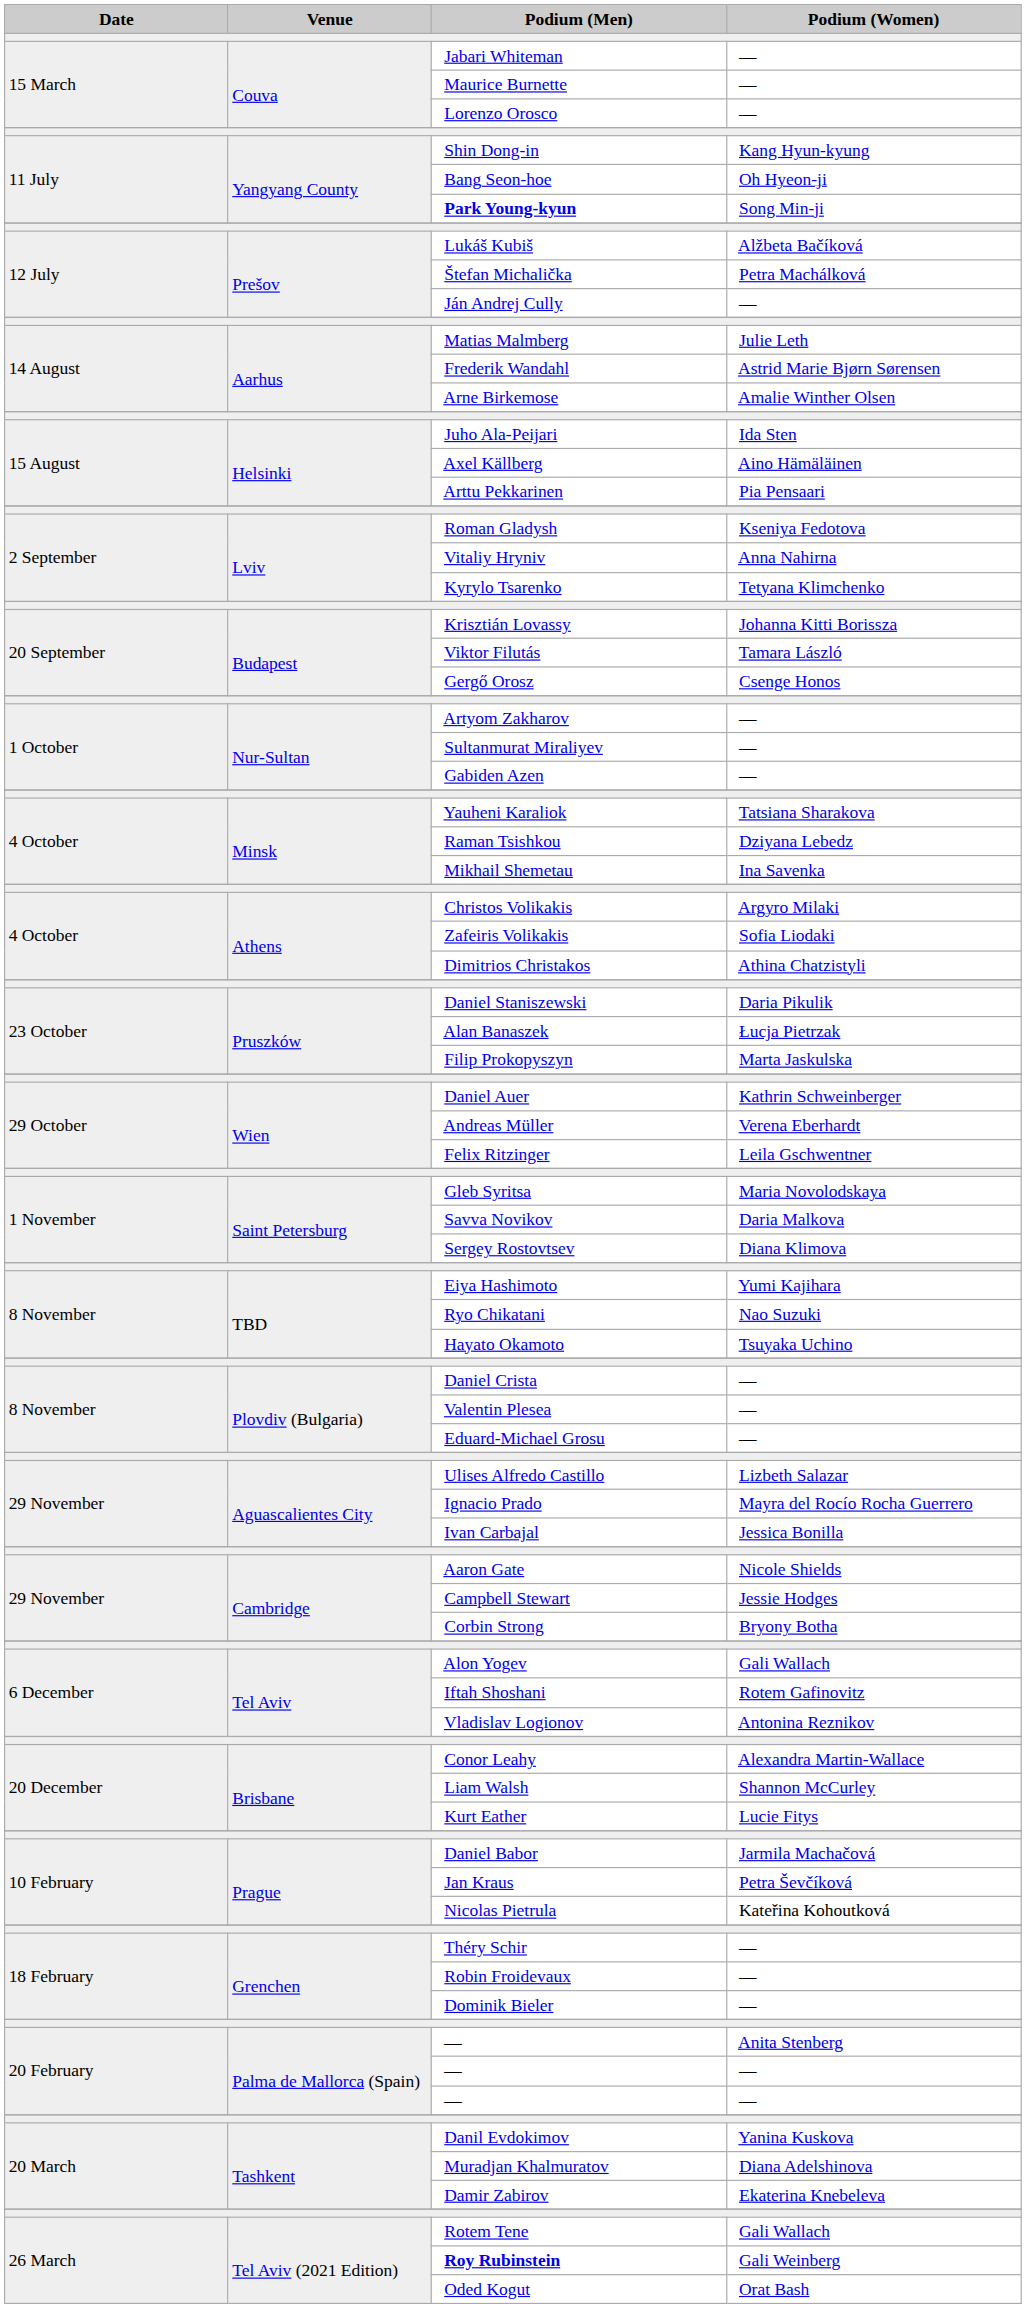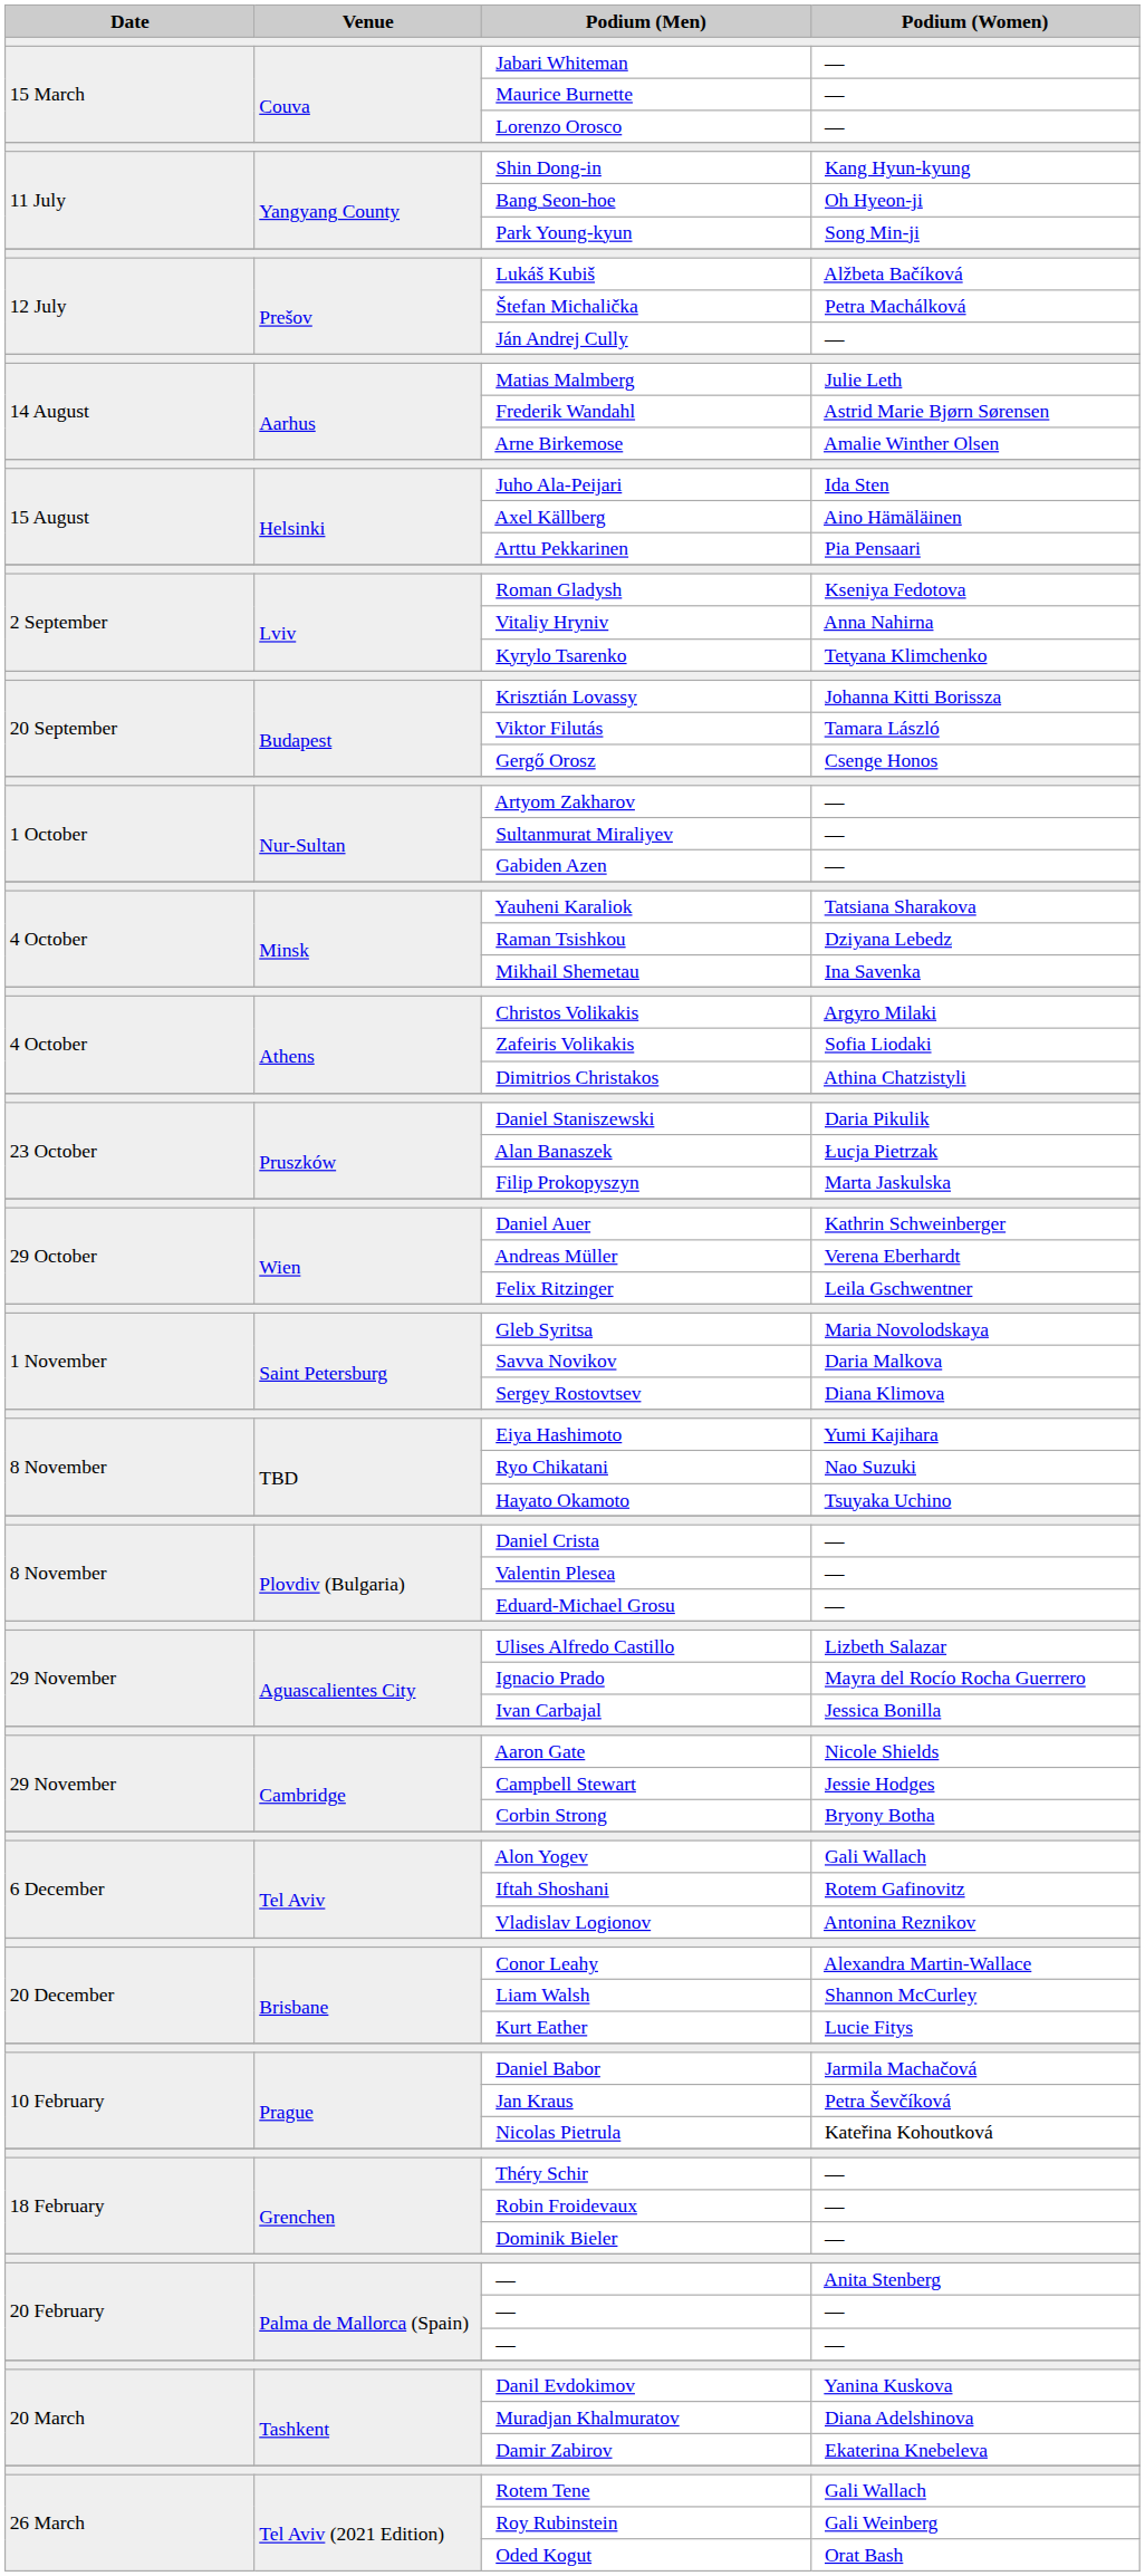 <table class="wikitable" width=70% bgcolor="#f7f8ff" cellpadding="3" cellspacing="0" border="1" style="font-size: 95%; border: gray solid 1px; border-collapse: collapse;">
 <tr bgcolor="#CCCCCC">
 <td align="center"><strong>Date</strong></td>
 <td width=20% align="center"><strong>Venue</strong></td>
 <td width=29% align="center"><strong>Podium (Men)</strong></td>
 <td width=29% align="center"><strong>Podium (Women)</strong></td>
 </tr>
 <tr bgcolor="#EFEFEF">
 <td colspan=4></td>
 </tr>
 <tr bgcolor="#EFEFEF">
 <td rowspan=3>15 March</td>
 <td rowspan=3><br><a href='#'>Couva</a></td>
 <td bgcolor="#ffffff">   <a href='#'>Jabari Whiteman</a></td>
 <td bgcolor="#ffffff">   —</td>
 </tr>
 <tr>
 <td bgcolor="#ffffff">   <a href='#'>Maurice Burnette</a></td>
 <td bgcolor="#ffffff">   —</td>
 </tr>
 <tr>
 <td bgcolor="#ffffff">   <a href='#'>Lorenzo Orosco</a></td>
 <td bgcolor="#ffffff">   —</td>
 </tr>
 <tr>
 </tr>
 <tr bgcolor="#EFEFEF">
 <td colspan=4></td>
 </tr>
 <tr bgcolor="#EFEFEF">
 <td rowspan=3>11 July</td>
 <td rowspan=3><br><a href='#'>Yangyang County</a></td>
 <td bgcolor="#ffffff">   <a href='#'>Shin Dong-in</a></td>
 <td bgcolor="#ffffff">   <a href='#'>Kang Hyun-kyung</a></td>
 </tr>
 <tr>
 <td bgcolor="#ffffff">   <a href='#'>Bang Seon-hoe</a></td>
 <td bgcolor="#ffffff">   <a href='#'>Oh Hyeon-ji</a></td>
 </tr>
 <tr>
-<td bgcolor="#ffffff"><strong>   <a href='#'>Park Young-kyun</a></strong></td>
+<td bgcolor="#ffffff">   <a href='#'>Park Young-kyun</a></td>
 <td bgcolor="#ffffff">   <a href='#'>Song Min-ji</a></td>
 </tr>
 <tr>
 </tr>
 <tr bgcolor="#EFEFEF">
 <td colspan=4></td>
 </tr>
 <tr bgcolor="#EFEFEF">
 <td rowspan=3>12 July</td>
 <td rowspan=3><br><a href='#'>Prešov</a></td>
 <td bgcolor="#ffffff">   <a href='#'>Lukáš Kubiš</a></td>
 <td bgcolor="#ffffff">   <a href='#'>Alžbeta Bačíková</a></td>
 </tr>
 <tr>
 <td bgcolor="#ffffff">   <a href='#'>Štefan Michalička</a></td>
 <td bgcolor="#ffffff">   <a href='#'>Petra Machálková</a></td>
 </tr>
 <tr>
 <td bgcolor="#ffffff">   <a href='#'>Ján Andrej Cully</a></td>
 <td bgcolor="#ffffff">   —</td>
 </tr>
 <tr>
 </tr>
 <tr bgcolor="#EFEFEF">
 <td colspan=4></td>
 </tr>
 <tr bgcolor="#EFEFEF">
 <td rowspan=3>14 August</td>
 <td rowspan=3><br><a href='#'>Aarhus</a></td>
 <td bgcolor="#ffffff">   <a href='#'>Matias Malmberg</a></td>
 <td bgcolor="#ffffff">   <a href='#'>Julie Leth</a></td>
 </tr>
 <tr>
 <td bgcolor="#ffffff">   <a href='#'>Frederik Wandahl</a></td>
 <td bgcolor="#ffffff">   <a href='#'>Astrid Marie Bjørn Sørensen</a></td>
 </tr>
 <tr>
 <td bgcolor="#ffffff">   <a href='#'>Arne Birkemose</a></td>
 <td bgcolor="#ffffff">   <a href='#'>Amalie Winther Olsen</a></td>
 </tr>
 <tr>
 </tr>
 <tr bgcolor="#EFEFEF">
 <td colspan=4></td>
 </tr>
 <tr bgcolor="#EFEFEF">
 <td rowspan=3>15 August</td>
 <td rowspan=3><br><a href='#'>Helsinki</a></td>
 <td bgcolor="#ffffff">   <a href='#'>Juho Ala-Peijari</a></td>
 <td bgcolor="#ffffff">   <a href='#'>Ida Sten</a></td>
 </tr>
 <tr>
 <td bgcolor="#ffffff">   <a href='#'>Axel Källberg</a></td>
 <td bgcolor="#ffffff">   <a href='#'>Aino Hämäläinen</a></td>
 </tr>
 <tr>
 <td bgcolor="#ffffff">   <a href='#'>Arttu Pekkarinen</a></td>
 <td bgcolor="#ffffff">   <a href='#'>Pia Pensaari</a></td>
 </tr>
 <tr>
 </tr>
 <tr bgcolor="#EFEFEF">
 <td colspan=4></td>
 </tr>
 <tr bgcolor="#EFEFEF">
 <td rowspan=3>2 September</td>
 <td rowspan=3><br><a href='#'>Lviv</a></td>
 <td bgcolor="#ffffff">   <a href='#'>Roman Gladysh</a></td>
 <td bgcolor="#ffffff">   <a href='#'>Kseniya Fedotova</a></td>
 </tr>
 <tr>
 <td bgcolor="#ffffff">   <a href='#'>Vitaliy Hryniv</a></td>
 <td bgcolor="#ffffff">   <a href='#'>Anna Nahirna</a></td>
 </tr>
 <tr>
 <td bgcolor="#ffffff">   <a href='#'>Kyrylo Tsarenko</a></td>
 <td bgcolor="#ffffff">   <a href='#'>Tetyana Klimchenko</a></td>
 </tr>
 <tr>
 </tr>
 <tr bgcolor="#EFEFEF">
 <td colspan=4></td>
 </tr>
 <tr bgcolor="#EFEFEF">
 <td rowspan=3>20 September</td>
 <td rowspan=3><br><a href='#'>Budapest</a></td>
 <td bgcolor="#ffffff">   <a href='#'>Krisztián Lovassy</a></td>
 <td bgcolor="#ffffff">   <a href='#'>Johanna Kitti Borissza</a></td>
 </tr>
 <tr>
 <td bgcolor="#ffffff">   <a href='#'>Viktor Filutás</a></td>
 <td bgcolor="#ffffff">   <a href='#'>Tamara László</a></td>
 </tr>
 <tr>
 <td bgcolor="#ffffff">   <a href='#'>Gergő Orosz</a></td>
 <td bgcolor="#ffffff">   <a href='#'>Csenge Honos</a></td>
 </tr>
 <tr>
 </tr>
 <tr bgcolor="#EFEFEF">
 <td colspan=4></td>
 </tr>
 <tr bgcolor="#EFEFEF">
 <td rowspan=3>1 October</td>
 <td rowspan=3><br><a href='#'>Nur-Sultan</a></td>
 <td bgcolor="#ffffff">   <a href='#'>Artyom Zakharov</a></td>
 <td bgcolor="#ffffff">   —</td>
 </tr>
 <tr>
 <td bgcolor="#ffffff">   <a href='#'>Sultanmurat Miraliyev</a></td>
 <td bgcolor="#ffffff">   —</td>
 </tr>
 <tr>
 <td bgcolor="#ffffff">   <a href='#'>Gabiden Azen</a></td>
 <td bgcolor="#ffffff">   —</td>
 </tr>
 <tr>
 </tr>
 <tr bgcolor="#EFEFEF">
 <td colspan=4></td>
 </tr>
 <tr bgcolor="#EFEFEF">
 <td rowspan=3>4 October</td>
 <td rowspan=3><br><a href='#'>Minsk</a></td>
 <td bgcolor="#ffffff">   <a href='#'>Yauheni Karaliok</a></td>
 <td bgcolor="#ffffff">   <a href='#'>Tatsiana Sharakova</a></td>
 </tr>
 <tr>
 <td bgcolor="#ffffff">   <a href='#'>Raman Tsishkou</a></td>
 <td bgcolor="#ffffff">   <a href='#'>Dziyana Lebedz</a></td>
 </tr>
 <tr>
 <td bgcolor="#ffffff">   <a href='#'>Mikhail Shemetau</a></td>
 <td bgcolor="#ffffff">   <a href='#'>Ina Savenka</a></td>
 </tr>
 <tr>
 </tr>
 <tr bgcolor="#EFEFEF">
 <td colspan=4></td>
 </tr>
 <tr bgcolor="#EFEFEF">
 <td rowspan=3>4 October</td>
 <td rowspan=3><br><a href='#'>Athens</a></td>
 <td bgcolor="#ffffff">   <a href='#'>Christos Volikakis</a></td>
 <td bgcolor="#ffffff">   <a href='#'>Argyro Milaki</a></td>
 </tr>
 <tr>
 <td bgcolor="#ffffff">   <a href='#'>Zafeiris Volikakis</a></td>
 <td bgcolor="#ffffff">   <a href='#'>Sofia Liodaki</a></td>
 </tr>
 <tr>
 <td bgcolor="#ffffff">   <a href='#'>Dimitrios Christakos</a></td>
 <td bgcolor="#ffffff">   <a href='#'>Athina Chatzistyli</a></td>
 </tr>
 <tr>
 </tr>
 <tr bgcolor="#EFEFEF">
 <td colspan=4></td>
 </tr>
 <tr bgcolor="#EFEFEF">
 <td rowspan=3>23 October</td>
 <td rowspan=3><br><a href='#'>Pruszków</a></td>
 <td bgcolor="#ffffff">   <a href='#'>Daniel Staniszewski</a></td>
 <td bgcolor="#ffffff">   <a href='#'>Daria Pikulik</a></td>
 </tr>
 <tr>
 <td bgcolor="#ffffff">   <a href='#'>Alan Banaszek</a></td>
 <td bgcolor="#ffffff">   <a href='#'>Łucja Pietrzak</a></td>
 </tr>
 <tr>
 <td bgcolor="#ffffff">   <a href='#'>Filip Prokopyszyn</a></td>
 <td bgcolor="#ffffff">   <a href='#'>Marta Jaskulska</a></td>
 </tr>
 <tr>
 </tr>
 <tr bgcolor="#EFEFEF">
 <td colspan=4></td>
 </tr>
 <tr bgcolor="#EFEFEF">
 <td rowspan=3>29 October</td>
 <td rowspan=3><br><a href='#'>Wien</a></td>
 <td bgcolor="#ffffff">   <a href='#'>Daniel Auer</a></td>
 <td bgcolor="#ffffff">   <a href='#'>Kathrin Schweinberger</a></td>
 </tr>
 <tr>
 <td bgcolor="#ffffff">   <a href='#'>Andreas Müller</a></td>
 <td bgcolor="#ffffff">   <a href='#'>Verena Eberhardt</a></td>
 </tr>
 <tr>
 <td bgcolor="#ffffff">   <a href='#'>Felix Ritzinger</a></td>
 <td bgcolor="#ffffff">   <a href='#'>Leila Gschwentner</a></td>
 </tr>
 <tr>
 </tr>
 <tr bgcolor="#EFEFEF">
 <td colspan=4></td>
 </tr>
 <tr bgcolor="#EFEFEF">
 <td rowspan=3>1 November</td>
 <td rowspan=3><br><a href='#'>Saint Petersburg</a></td>
 <td bgcolor="#ffffff">   <a href='#'>Gleb Syritsa</a></td>
 <td bgcolor="#ffffff">   <a href='#'>Maria Novolodskaya</a></td>
 </tr>
 <tr>
 <td bgcolor="#ffffff">   <a href='#'>Savva Novikov</a></td>
 <td bgcolor="#ffffff">   <a href='#'>Daria Malkova</a></td>
 </tr>
 <tr>
 <td bgcolor="#ffffff">   <a href='#'>Sergey Rostovtsev</a></td>
 <td bgcolor="#ffffff">   <a href='#'>Diana Klimova</a></td>
 </tr>
 <tr>
 </tr>
 <tr bgcolor="#EFEFEF">
 <td colspan=4></td>
 </tr>
 <tr bgcolor="#EFEFEF">
 <td rowspan=3>8 November</td>
 <td rowspan=3><br>TBD</td>
 <td bgcolor="#ffffff">   <a href='#'>Eiya Hashimoto</a></td>
 <td bgcolor="#ffffff">   <a href='#'>Yumi Kajihara</a></td>
 </tr>
 <tr>
 <td bgcolor="#ffffff">   <a href='#'>Ryo Chikatani</a></td>
 <td bgcolor="#ffffff">   <a href='#'>Nao Suzuki</a></td>
 </tr>
 <tr>
 <td bgcolor="#ffffff">   <a href='#'>Hayato Okamoto</a></td>
 <td bgcolor="#ffffff">   <a href='#'>Tsuyaka Uchino</a></td>
 </tr>
 <tr>
 </tr>
 <tr bgcolor="#EFEFEF">
 <td colspan=4></td>
 </tr>
 <tr bgcolor="#EFEFEF">
 <td rowspan=3>8 November</td>
 <td rowspan=3><br><a href='#'>Plovdiv</a> (Bulgaria)</td>
 <td bgcolor="#ffffff">   <a href='#'>Daniel Crista</a></td>
 <td bgcolor="#ffffff">   —</td>
 </tr>
 <tr>
 <td bgcolor="#ffffff">   <a href='#'>Valentin Plesea</a></td>
 <td bgcolor="#ffffff">   —</td>
 </tr>
 <tr>
 <td bgcolor="#ffffff">   <a href='#'>Eduard-Michael Grosu</a></td>
 <td bgcolor="#ffffff">   —</td>
 </tr>
 <tr>
 </tr>
 <tr bgcolor="#EFEFEF">
 <td colspan=4></td>
 </tr>
 <tr bgcolor="#EFEFEF">
 <td rowspan=3>29 November</td>
 <td rowspan=3><br><a href='#'>Aguascalientes City</a></td>
 <td bgcolor="#ffffff">   <a href='#'>Ulises Alfredo Castillo</a></td>
 <td bgcolor="#ffffff">   <a href='#'>Lizbeth Salazar</a></td>
 </tr>
 <tr>
 <td bgcolor="#ffffff">   <a href='#'>Ignacio Prado</a></td>
 <td bgcolor="#ffffff">   <a href='#'>Mayra del Rocío Rocha Guerrero</a></td>
 </tr>
 <tr>
 <td bgcolor="#ffffff">   <a href='#'>Ivan Carbajal</a></td>
 <td bgcolor="#ffffff">   <a href='#'>Jessica Bonilla</a></td>
 </tr>
 <tr>
 </tr>
 <tr bgcolor="#EFEFEF">
 <td colspan=4></td>
 </tr>
 <tr bgcolor="#EFEFEF">
 <td rowspan=3>29 November</td>
 <td rowspan=3><br><a href='#'>Cambridge</a></td>
 <td bgcolor="#ffffff">   <a href='#'>Aaron Gate</a></td>
 <td bgcolor="#ffffff">   <a href='#'>Nicole Shields</a></td>
 </tr>
 <tr>
 <td bgcolor="#ffffff">   <a href='#'>Campbell Stewart</a></td>
 <td bgcolor="#ffffff">   <a href='#'>Jessie Hodges</a></td>
 </tr>
 <tr>
 <td bgcolor="#ffffff">   <a href='#'>Corbin Strong</a></td>
 <td bgcolor="#ffffff">   <a href='#'>Bryony Botha</a></td>
 </tr>
 <tr>
 </tr>
 <tr bgcolor="#EFEFEF">
 <td colspan=4></td>
 </tr>
 <tr bgcolor="#EFEFEF">
 <td rowspan=3>6 December</td>
 <td rowspan=3><br><a href='#'>Tel Aviv</a></td>
 <td bgcolor="#ffffff">   <a href='#'>Alon Yogev</a></td>
 <td bgcolor="#ffffff">   <a href='#'>Gali Wallach</a></td>
 </tr>
 <tr>
 <td bgcolor="#ffffff">   <a href='#'>Iftah Shoshani</a></td>
 <td bgcolor="#ffffff">   <a href='#'>Rotem Gafinovitz</a></td>
 </tr>
 <tr>
 <td bgcolor="#ffffff">   <a href='#'>Vladislav Logionov</a></td>
 <td bgcolor="#ffffff">   <a href='#'>Antonina Reznikov</a></td>
 </tr>
 <tr>
 </tr>
 <tr bgcolor="#EFEFEF">
 <td colspan=4></td>
 </tr>
 <tr bgcolor="#EFEFEF">
 <td rowspan=3>20 December</td>
 <td rowspan=3><br><a href='#'>Brisbane</a></td>
 <td bgcolor="#ffffff">   <a href='#'>Conor Leahy</a></td>
 <td bgcolor="#ffffff">   <a href='#'>Alexandra Martin-Wallace</a></td>
 </tr>
 <tr>
 <td bgcolor="#ffffff">   <a href='#'>Liam Walsh</a></td>
 <td bgcolor="#ffffff">   <a href='#'>Shannon McCurley</a></td>
 </tr>
 <tr>
 <td bgcolor="#ffffff">   <a href='#'>Kurt Eather</a></td>
 <td bgcolor="#ffffff">   <a href='#'>Lucie Fitys</a></td>
 </tr>
 <tr>
 </tr>
 <tr bgcolor="#EFEFEF">
 <td colspan=4></td>
 </tr>
 <tr bgcolor="#EFEFEF">
 <td rowspan=3>10 February</td>
 <td rowspan=3><br><a href='#'>Prague</a></td>
 <td bgcolor="#ffffff">   <a href='#'>Daniel Babor</a></td>
 <td bgcolor="#ffffff">   <a href='#'>Jarmila Machačová</a></td>
 </tr>
 <tr>
 <td bgcolor="#ffffff">   <a href='#'>Jan Kraus</a></td>
 <td bgcolor="#ffffff">   <a href='#'>Petra Ševčíková</a></td>
 </tr>
 <tr>
 <td bgcolor="#ffffff">   <a href='#'>Nicolas Pietrula</a></td>
 <td bgcolor="#ffffff">   Kateřina Kohoutková</td>
 </tr>
 <tr>
 </tr>
 <tr bgcolor="#EFEFEF">
 <td colspan=4></td>
 </tr>
 <tr bgcolor="#EFEFEF">
 <td rowspan=3>18 February</td>
 <td rowspan=3><br><a href='#'>Grenchen</a></td>
 <td bgcolor="#ffffff">   <a href='#'>Théry Schir</a></td>
 <td bgcolor="#ffffff">   —</td>
 </tr>
 <tr>
 <td bgcolor="#ffffff">   <a href='#'>Robin Froidevaux</a></td>
 <td bgcolor="#ffffff">   —</td>
 </tr>
 <tr>
 <td bgcolor="#ffffff">   <a href='#'>Dominik Bieler</a></td>
 <td bgcolor="#ffffff">   —</td>
 </tr>
 <tr>
 </tr>
 <tr bgcolor="#EFEFEF">
 <td colspan=4></td>
 </tr>
 <tr bgcolor="#EFEFEF">
 <td rowspan=3>20 February</td>
 <td rowspan=3><br><a href='#'>Palma de Mallorca</a> (Spain)</td>
 <td bgcolor="#ffffff">   —</td>
 <td bgcolor="#ffffff">   <a href='#'>Anita Stenberg</a></td>
 </tr>
 <tr>
 <td bgcolor="#ffffff">   —</td>
 <td bgcolor="#ffffff">   —</td>
 </tr>
 <tr>
 <td bgcolor="#ffffff">   —</td>
 <td bgcolor="#ffffff">   —</td>
 </tr>
 <tr>
 </tr>
 <tr bgcolor="#EFEFEF">
 <td colspan=4></td>
 </tr>
 <tr bgcolor="#EFEFEF">
 <td rowspan=3>20 March</td>
 <td rowspan=3><br><a href='#'>Tashkent</a></td>
 <td bgcolor="#ffffff">   <a href='#'>Danil Evdokimov</a></td>
 <td bgcolor="#ffffff">   <a href='#'>Yanina Kuskova</a></td>
 </tr>
 <tr>
 <td bgcolor="#ffffff">   <a href='#'>Muradjan Khalmuratov</a></td>
 <td bgcolor="#ffffff">   <a href='#'>Diana Adelshinova</a></td>
 </tr>
 <tr>
 <td bgcolor="#ffffff">   <a href='#'>Damir Zabirov</a></td>
 <td bgcolor="#ffffff">   <a href='#'>Ekaterina Knebeleva</a></td>
 </tr>
 <tr>
 </tr>
 <tr bgcolor="#EFEFEF">
 <td colspan=4></td>
 </tr>
 <tr bgcolor="#EFEFEF">
 <td rowspan=3>26 March</td>
 <td rowspan=3><br><a href='#'>Tel Aviv</a> (2021 Edition)</td>
 <td bgcolor="#ffffff">   <a href='#'>Rotem Tene</a></td>
 <td bgcolor="#ffffff">   <a href='#'>Gali Wallach</a></td>
 </tr>
 <tr>
-<td bgcolor="#ffffff"><strong>   <a href='#'>Roy Rubinstein</a></strong></td>
+<td bgcolor="#ffffff">   <a href='#'>Roy Rubinstein</a></td>
 <td bgcolor="#ffffff">   <a href='#'>Gali Weinberg</a></td>
 </tr>
 <tr>
 <td bgcolor="#ffffff">   <a href='#'>Oded Kogut</a></td>
 <td bgcolor="#ffffff">   <a href='#'>Orat Bash</a></td>
 </tr>
 </table>
